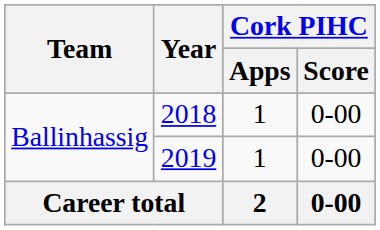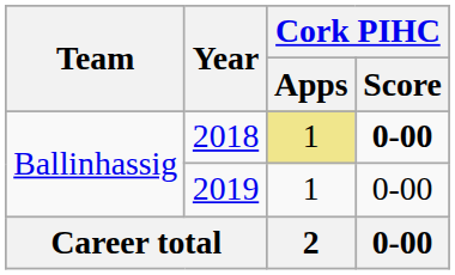 <table class="wikitable" style="text-align:center">
 <tr>
 <th rowspan="2">Team</th>
 <th rowspan="2">Year</th>
 <th colspan="2"><a href='#'>Cork PIHC</a></th>
 </tr>
 <tr>
 <th>Apps</th>
 <th>Score</th>
 </tr>
 <tr>
 <td rowspan="2"><a href='#'>Ballinhassig</a></td>
 <td><a href='#'>2018</a></td>
-<td>1</td>
-<td>0-00</td>
+<td style="background: khaki;">1</td>
+<td><strong>0-00</strong></td>
 </tr>
 <tr>
 <td><a href='#'>2019</a></td>
 <td>1</td>
 <td>0-00</td>
 </tr>
 <tr>
 <th colspan="2">Career total</th>
 <th>2</th>
 <th>0-00</th>
 </tr>
 </table>
